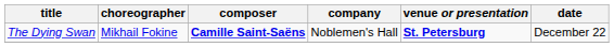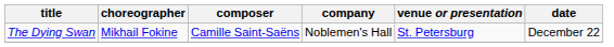 <table class="wikitable sortable">
 <tr>
 <th>title</th>
 <th>choreographer</th>
 <th>composer</th>
 <th>company</th>
 <th>venue <em>or presentation</em></th>
 <th>date</th>
 </tr>
 <tr>
 <td><em><a href='#'>The Dying Swan</a></em></td>
 <td><a href='#'>Mikhail Fokine</a></td>
-<td><strong><a href='#'>Camille Saint-Saëns</a></strong></td>
+<td><a href='#'>Camille Saint-Saëns</a></td>
 <td>Noblemen's Hall</td>
-<td><strong><a href='#'>St. Petersburg</a></strong></td>
+<td><a href='#'>St. Petersburg</a></td>
 <td>December 22</td>
 </tr>
 <tr>
 </tr>
 </table>
